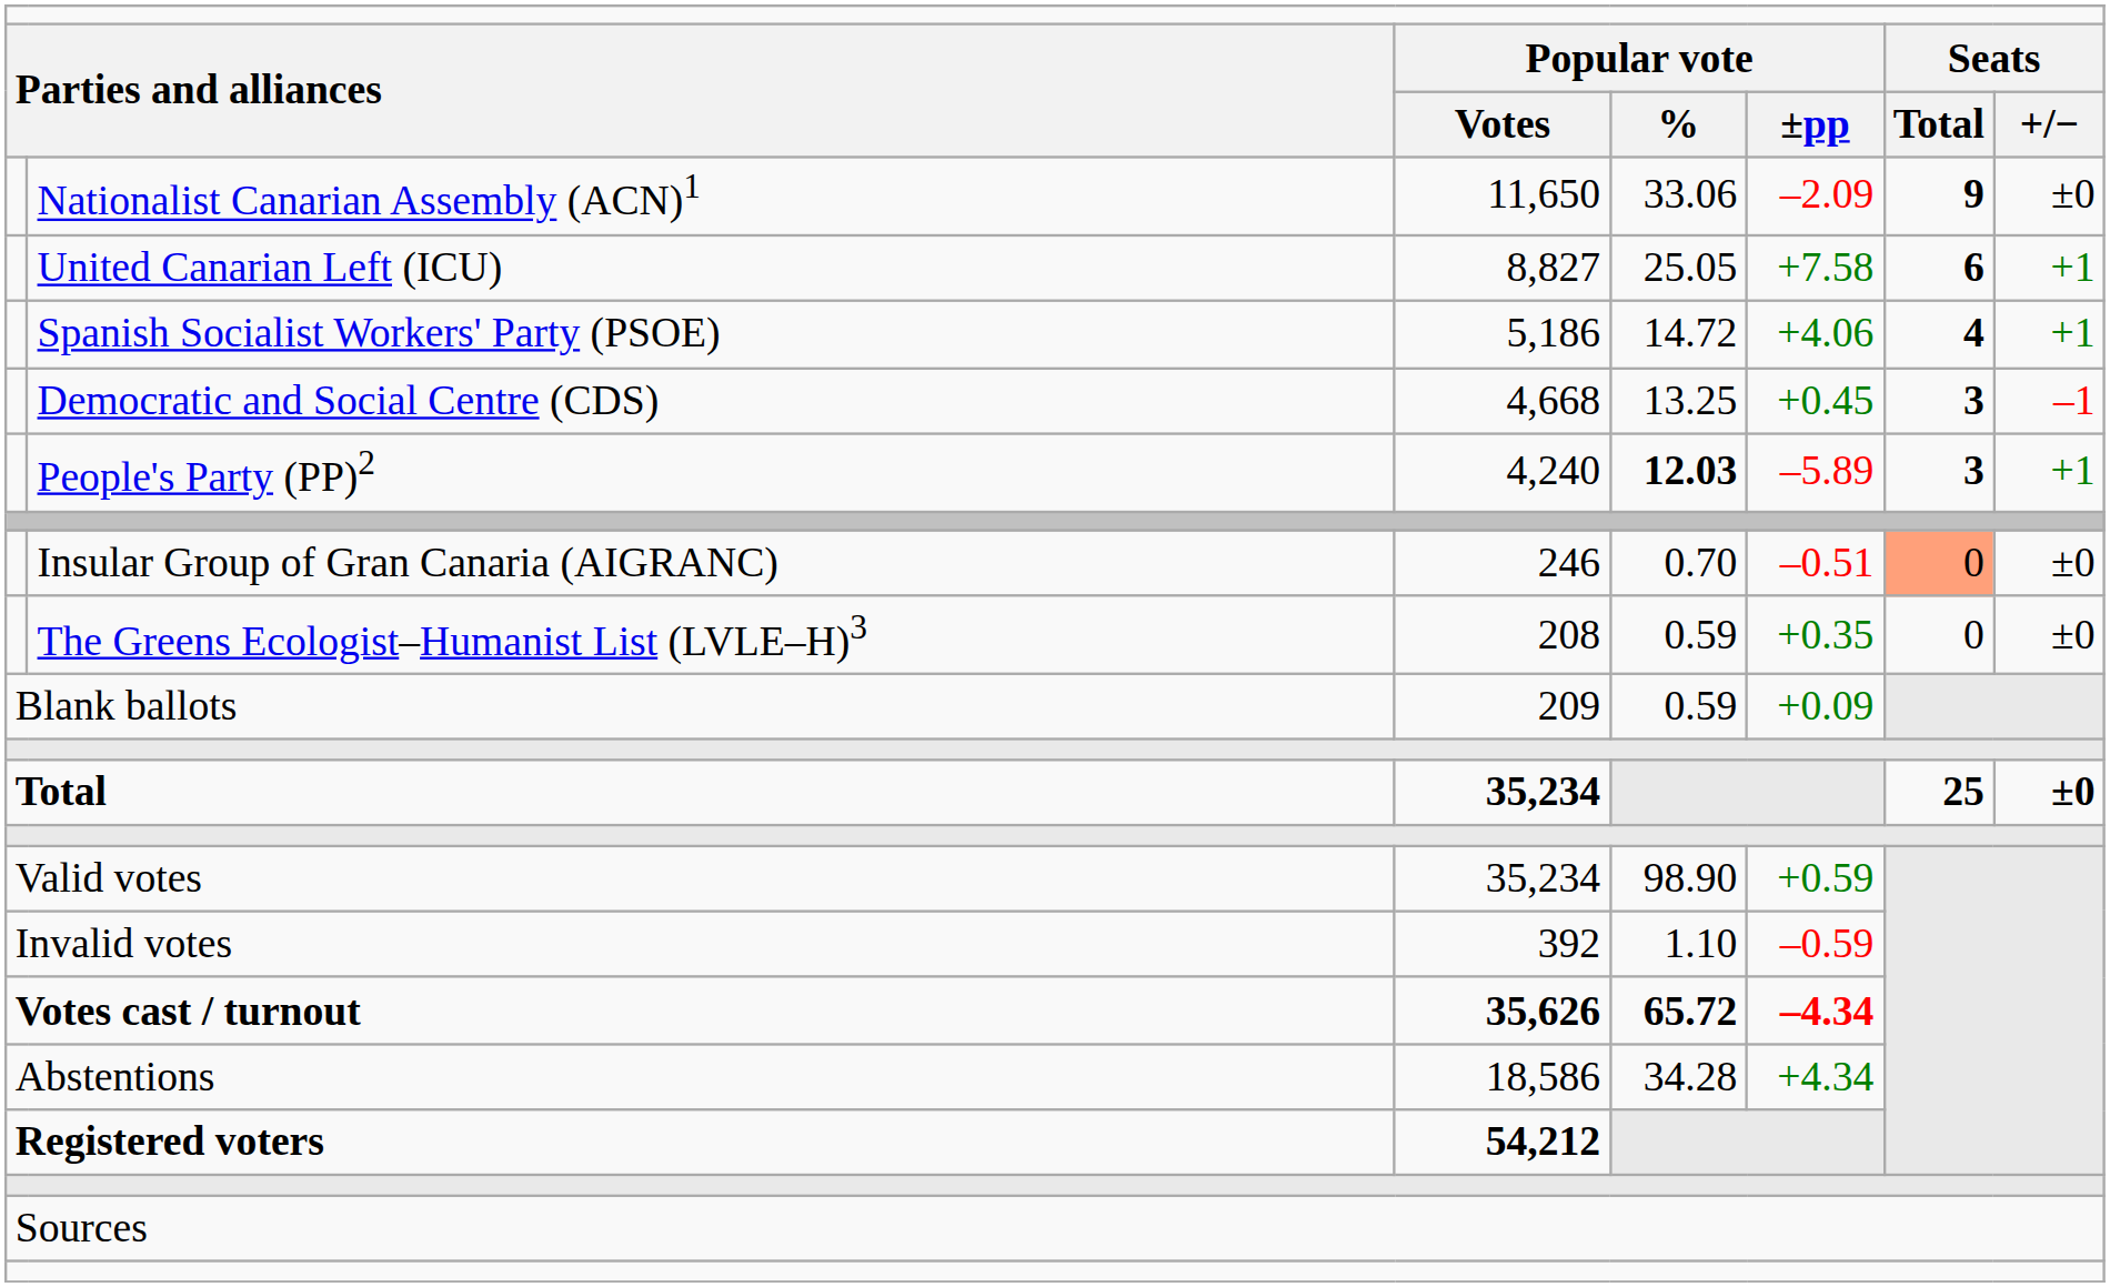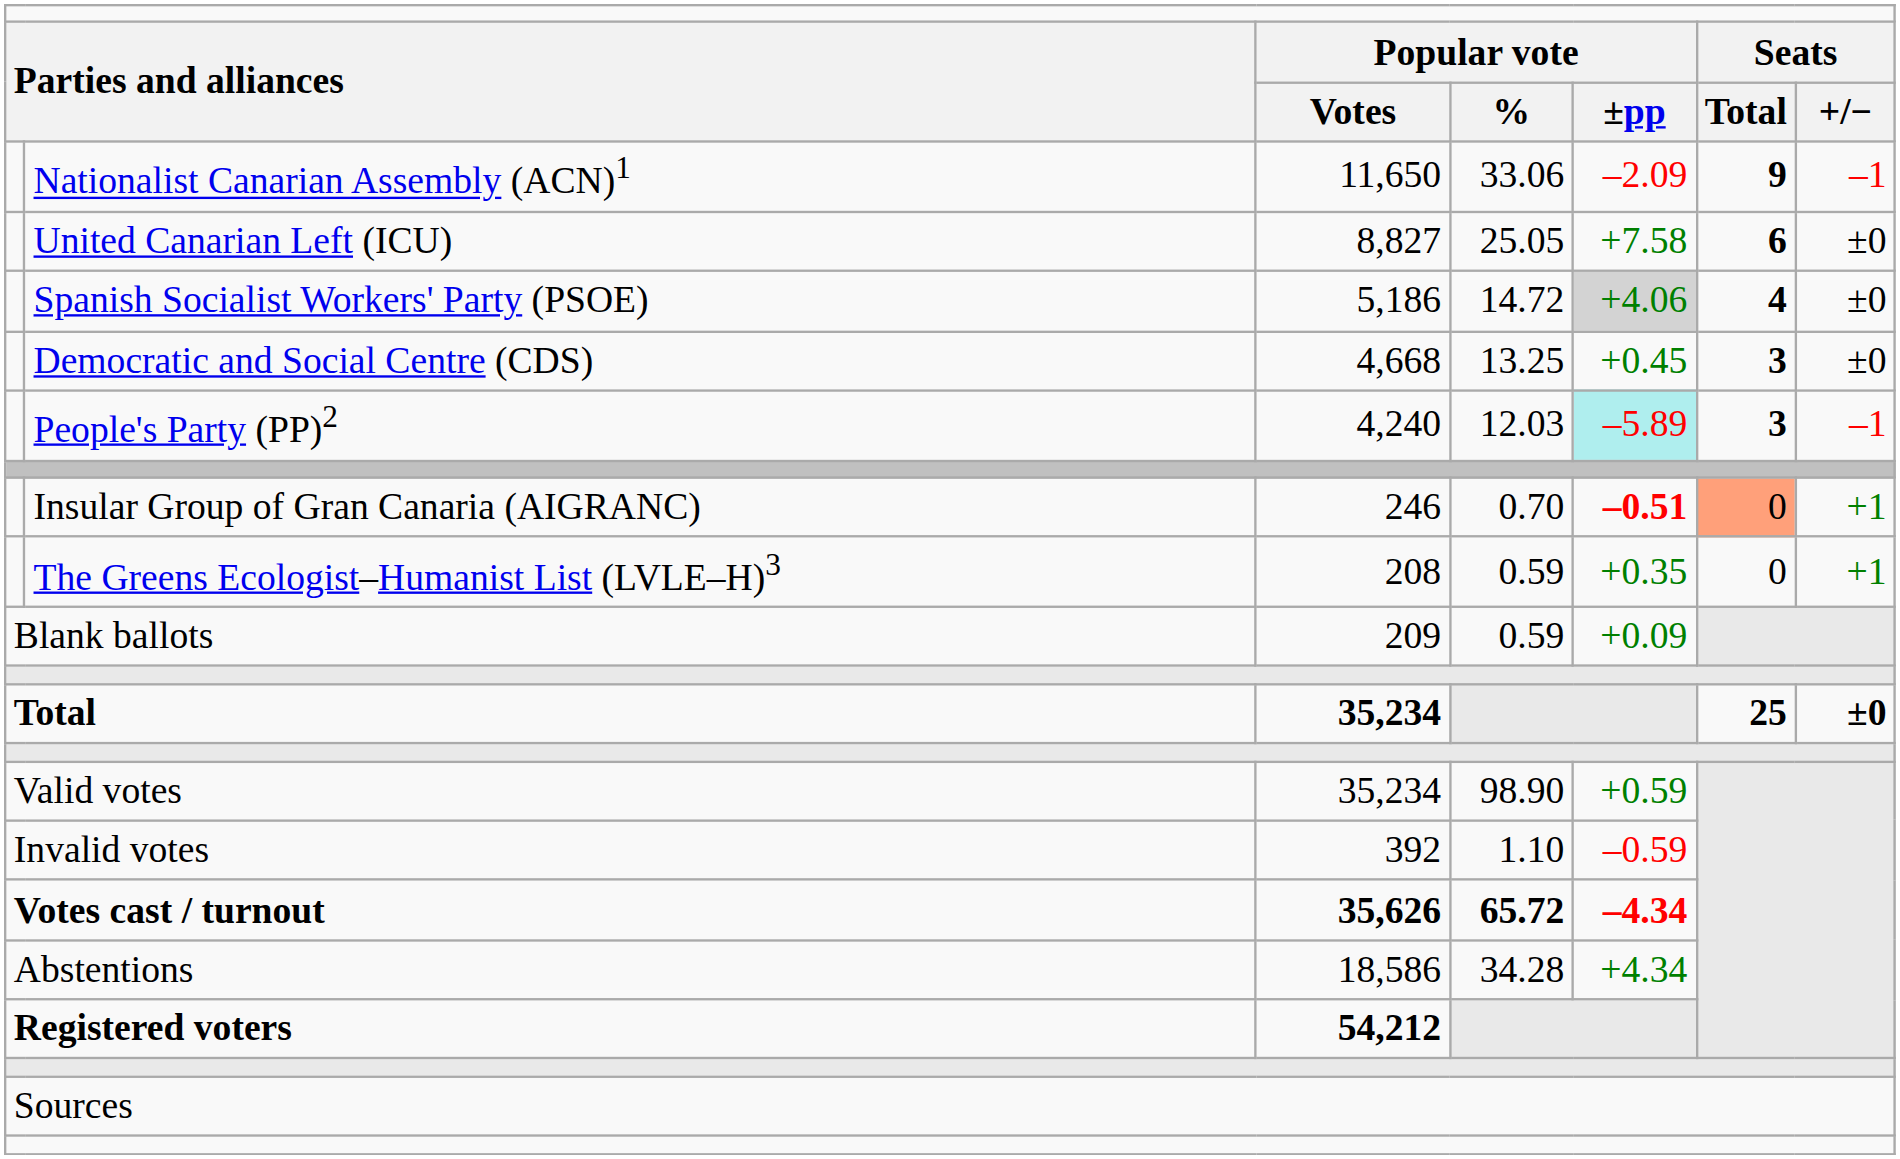 <table class="wikitable" style="text-align:right;">
 <tr>
 <td colspan="7"></td>
 </tr>
 <tr>
 <th style="text-align:left;" rowspan="2" colspan="2" width="525">Parties and alliances</th>
 <th colspan="3">Popular vote</th>
 <th colspan="2">Seats</th>
 </tr>
 <tr>
 <th width="75">Votes</th>
 <th width="45">%</th>
 <th width="45">±<a href='#'>pp</a></th>
 <th width="35">Total</th>
 <th width="35">+/−</th>
 </tr>
 <tr>
 <td width="1" style="color:inherit;background:"></td>
 <td align="left"><a href='#'>Nationalist Canarian Assembly</a> (ACN)<sup>1</sup></td>
 <td>11,650</td>
 <td>33.06</td>
 <td style="color:red;">–2.09</td>
 <td><strong>9</strong></td>
-<td>±0</td>
+<td style="color:red;">–1</td>
 </tr>
 <tr>
 <td style="color:inherit;background:"></td>
 <td align="left"><a href='#'>United Canarian Left</a> (ICU)</td>
 <td>8,827</td>
 <td>25.05</td>
 <td style="color:green;">+7.58</td>
 <td><strong>6</strong></td>
-<td style="color:green;">+1</td>
+<td>±0</td>
 </tr>
 <tr>
 <td style="color:inherit;background:"></td>
 <td align="left"><a href='#'>Spanish Socialist Workers' Party</a> (PSOE)</td>
 <td>5,186</td>
 <td>14.72</td>
-<td style="color:green;">+4.06</td>
+<td style="background: lightgrey; color:green;">+4.06</td>
 <td><strong>4</strong></td>
-<td style="color:green;">+1</td>
+<td>±0</td>
 </tr>
 <tr>
 <td style="color:inherit;background:"></td>
 <td align="left"><a href='#'>Democratic and Social Centre</a> (CDS)</td>
 <td>4,668</td>
 <td>13.25</td>
 <td style="color:green;">+0.45</td>
 <td><strong>3</strong></td>
-<td style="color:red;">–1</td>
+<td>±0</td>
 </tr>
 <tr>
 <td style="color:inherit;background:"></td>
 <td align="left"><a href='#'>People's Party</a> (PP)<sup>2</sup></td>
 <td>4,240</td>
-<td><strong>12.03</strong></td>
-<td style="color:red;">–5.89</td>
+<td>12.03</td>
+<td style="background: paleturquoise; color:red;">–5.89</td>
 <td><strong>3</strong></td>
-<td style="color:green;">+1</td>
+<td style="color:red;">–1</td>
 </tr>
 <tr>
 <td colspan="7" bgcolor="#C0C0C0"></td>
 </tr>
 <tr>
 <td style="color:inherit;background:"></td>
 <td align="left">Insular Group of Gran Canaria (AIGRANC)</td>
 <td>246</td>
 <td>0.70</td>
-<td style="color:red;">–0.51</td>
+<td style="color:red;"><strong>–0.51</strong></td>
 <td style="background: lightsalmon;">0</td>
-<td>±0</td>
+<td style="color:green;">+1</td>
 </tr>
 <tr>
 <td style="color:inherit;background:"></td>
 <td align="left"><a href='#'>The Greens Ecologist</a>–<a href='#'>Humanist List</a> (LVLE–H)<sup>3</sup></td>
 <td>208</td>
 <td>0.59</td>
 <td style="color:green;">+0.35</td>
 <td>0</td>
-<td>±0</td>
+<td style="color:green;">+1</td>
 </tr>
 <tr>
 <td align="left" colspan="2">Blank ballots</td>
 <td>209</td>
 <td>0.59</td>
 <td style="color:green;">+0.09</td>
 <td bgcolor="#E9E9E9" colspan="2"></td>
 </tr>
 <tr>
 <td colspan="7" bgcolor="#E9E9E9"></td>
 </tr>
 <tr style="font-weight:bold;">
 <td align="left" colspan="2">Total</td>
 <td>35,234</td>
 <td bgcolor="#E9E9E9" colspan="2"></td>
 <td>25</td>
 <td>±0</td>
 </tr>
 <tr>
 <td colspan="7" bgcolor="#E9E9E9"></td>
 </tr>
 <tr>
 <td align="left" colspan="2">Valid votes</td>
 <td>35,234</td>
 <td>98.90</td>
 <td style="color:green;">+0.59</td>
 <td bgcolor="#E9E9E9" colspan="2" rowspan="5"></td>
 </tr>
 <tr>
 <td align="left" colspan="2">Invalid votes</td>
 <td>392</td>
 <td>1.10</td>
 <td style="color:red;">–0.59</td>
 </tr>
 <tr style="font-weight:bold;">
 <td align="left" colspan="2">Votes cast / turnout</td>
 <td>35,626</td>
 <td>65.72</td>
 <td style="color:red;">–4.34</td>
 </tr>
 <tr>
 <td align="left" colspan="2">Abstentions</td>
 <td>18,586</td>
 <td>34.28</td>
 <td style="color:green;">+4.34</td>
 </tr>
 <tr style="font-weight:bold;">
 <td align="left" colspan="2">Registered voters</td>
 <td>54,212</td>
 <td bgcolor="#E9E9E9" colspan="2"></td>
 </tr>
 <tr>
 <td colspan="7" bgcolor="#E9E9E9"></td>
 </tr>
 <tr>
 <td align="left" colspan="7">Sources</td>
 </tr>
 <tr>
 <td colspan="7" style="text-align:left; max-width:790px;"></td>
 </tr>
 </table>
